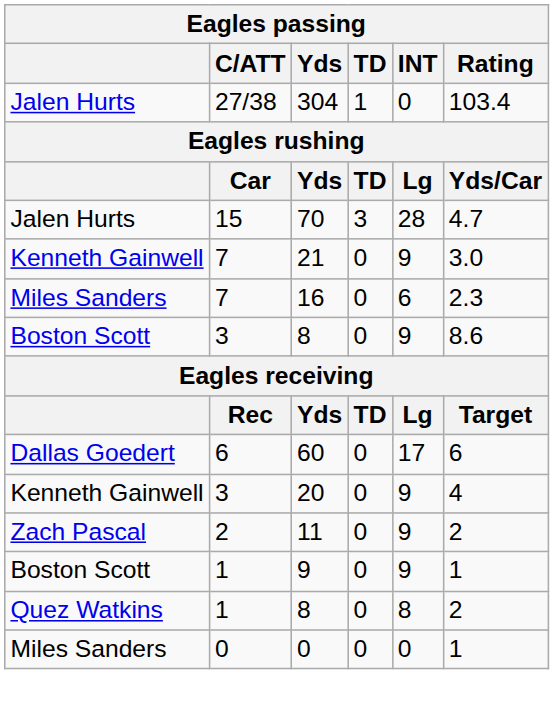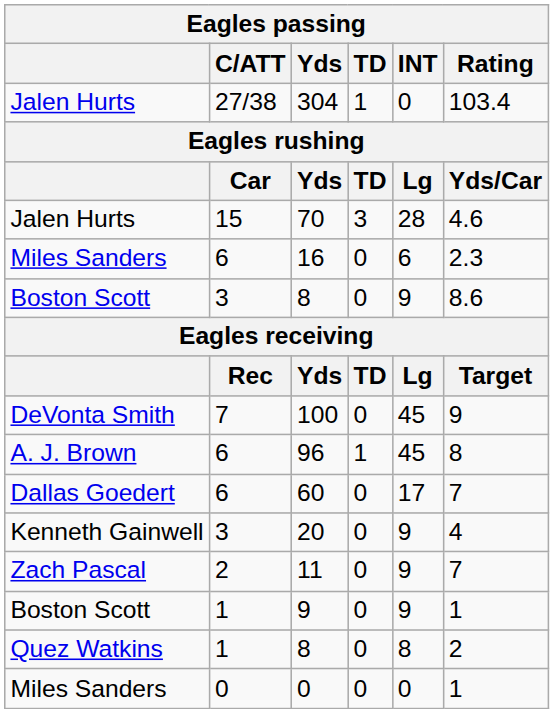 <table class="wikitable plainrowheaders">
 <tr>
 <th colspan="6">Eagles passing</th>
 </tr>
 <tr>
 <th scope="col"></th>
 <th scope="col">C/ATT</th>
 <th scope="col">Yds</th>
 <th scope="col">TD</th>
 <th scope="col">INT</th>
 <th scope="col">Rating</th>
 </tr>
 <tr>
 <td><a href='#'>Jalen Hurts</a></td>
 <td>27/38</td>
 <td>304</td>
 <td>1</td>
 <td>0</td>
 <td>103.4</td>
 </tr>
 <tr>
 <th colspan="6">Eagles rushing</th>
 </tr>
 <tr>
 <th scope="col"></th>
 <th scope="col">Car</th>
 <th scope="col">Yds</th>
 <th scope="col">TD</th>
 <th scope="col">Lg</th>
 <th scope="col">Yds/Car</th>
 </tr>
 <tr>
 <td>Jalen Hurts</td>
 <td>15</td>
 <td>70</td>
 <td>3</td>
 <td>28</td>
-<td>4.7</td>
-</tr>
-<tr>
-<td><a href='#'>Kenneth Gainwell</a></td>
-<td>7</td>
-<td>21</td>
-<td>0</td>
-<td>9</td>
-<td>3.0</td>
+<td>4.6</td>
 </tr>
 <tr>
 <td><a href='#'>Miles Sanders</a></td>
-<td>7</td>
+<td>6</td>
 <td>16</td>
 <td>0</td>
 <td>6</td>
 <td>2.3</td>
 </tr>
 <tr>
 <td><a href='#'>Boston Scott</a></td>
 <td>3</td>
 <td>8</td>
 <td>0</td>
 <td>9</td>
 <td>8.6</td>
 </tr>
 <tr>
 <th colspan="6">Eagles receiving</th>
 </tr>
 <tr>
 <th scope="col"></th>
 <th scope="col">Rec</th>
 <th scope="col">Yds</th>
 <th scope="col">TD</th>
 <th scope="col">Lg</th>
 <th scope="col">Target</th>
 </tr>
 <tr>
+<td><a href='#'>DeVonta Smith</a></td>
+<td>7</td>
+<td>100</td>
+<td>0</td>
+<td>45</td>
+<td>9</td>
+</tr>
+<tr>
+<td><a href='#'>A. J. Brown</a></td>
+<td>6</td>
+<td>96</td>
+<td>1</td>
+<td>45</td>
+<td>8</td>
+</tr>
+<tr>
 <td><a href='#'>Dallas Goedert</a></td>
 <td>6</td>
 <td>60</td>
 <td>0</td>
 <td>17</td>
-<td>6</td>
+<td>7</td>
 </tr>
 <tr>
 <td>Kenneth Gainwell</td>
 <td>3</td>
 <td>20</td>
 <td>0</td>
 <td>9</td>
 <td>4</td>
 </tr>
 <tr>
 <td><a href='#'>Zach Pascal</a></td>
 <td>2</td>
 <td>11</td>
 <td>0</td>
 <td>9</td>
-<td>2</td>
+<td>7</td>
 </tr>
 <tr>
 <td>Boston Scott</td>
 <td>1</td>
 <td>9</td>
 <td>0</td>
 <td>9</td>
 <td>1</td>
 </tr>
 <tr>
 <td><a href='#'>Quez Watkins</a></td>
 <td>1</td>
 <td>8</td>
 <td>0</td>
 <td>8</td>
 <td>2</td>
 </tr>
 <tr>
 <td>Miles Sanders</td>
 <td>0</td>
 <td>0</td>
 <td>0</td>
 <td>0</td>
 <td>1</td>
 </tr>
 </table>
